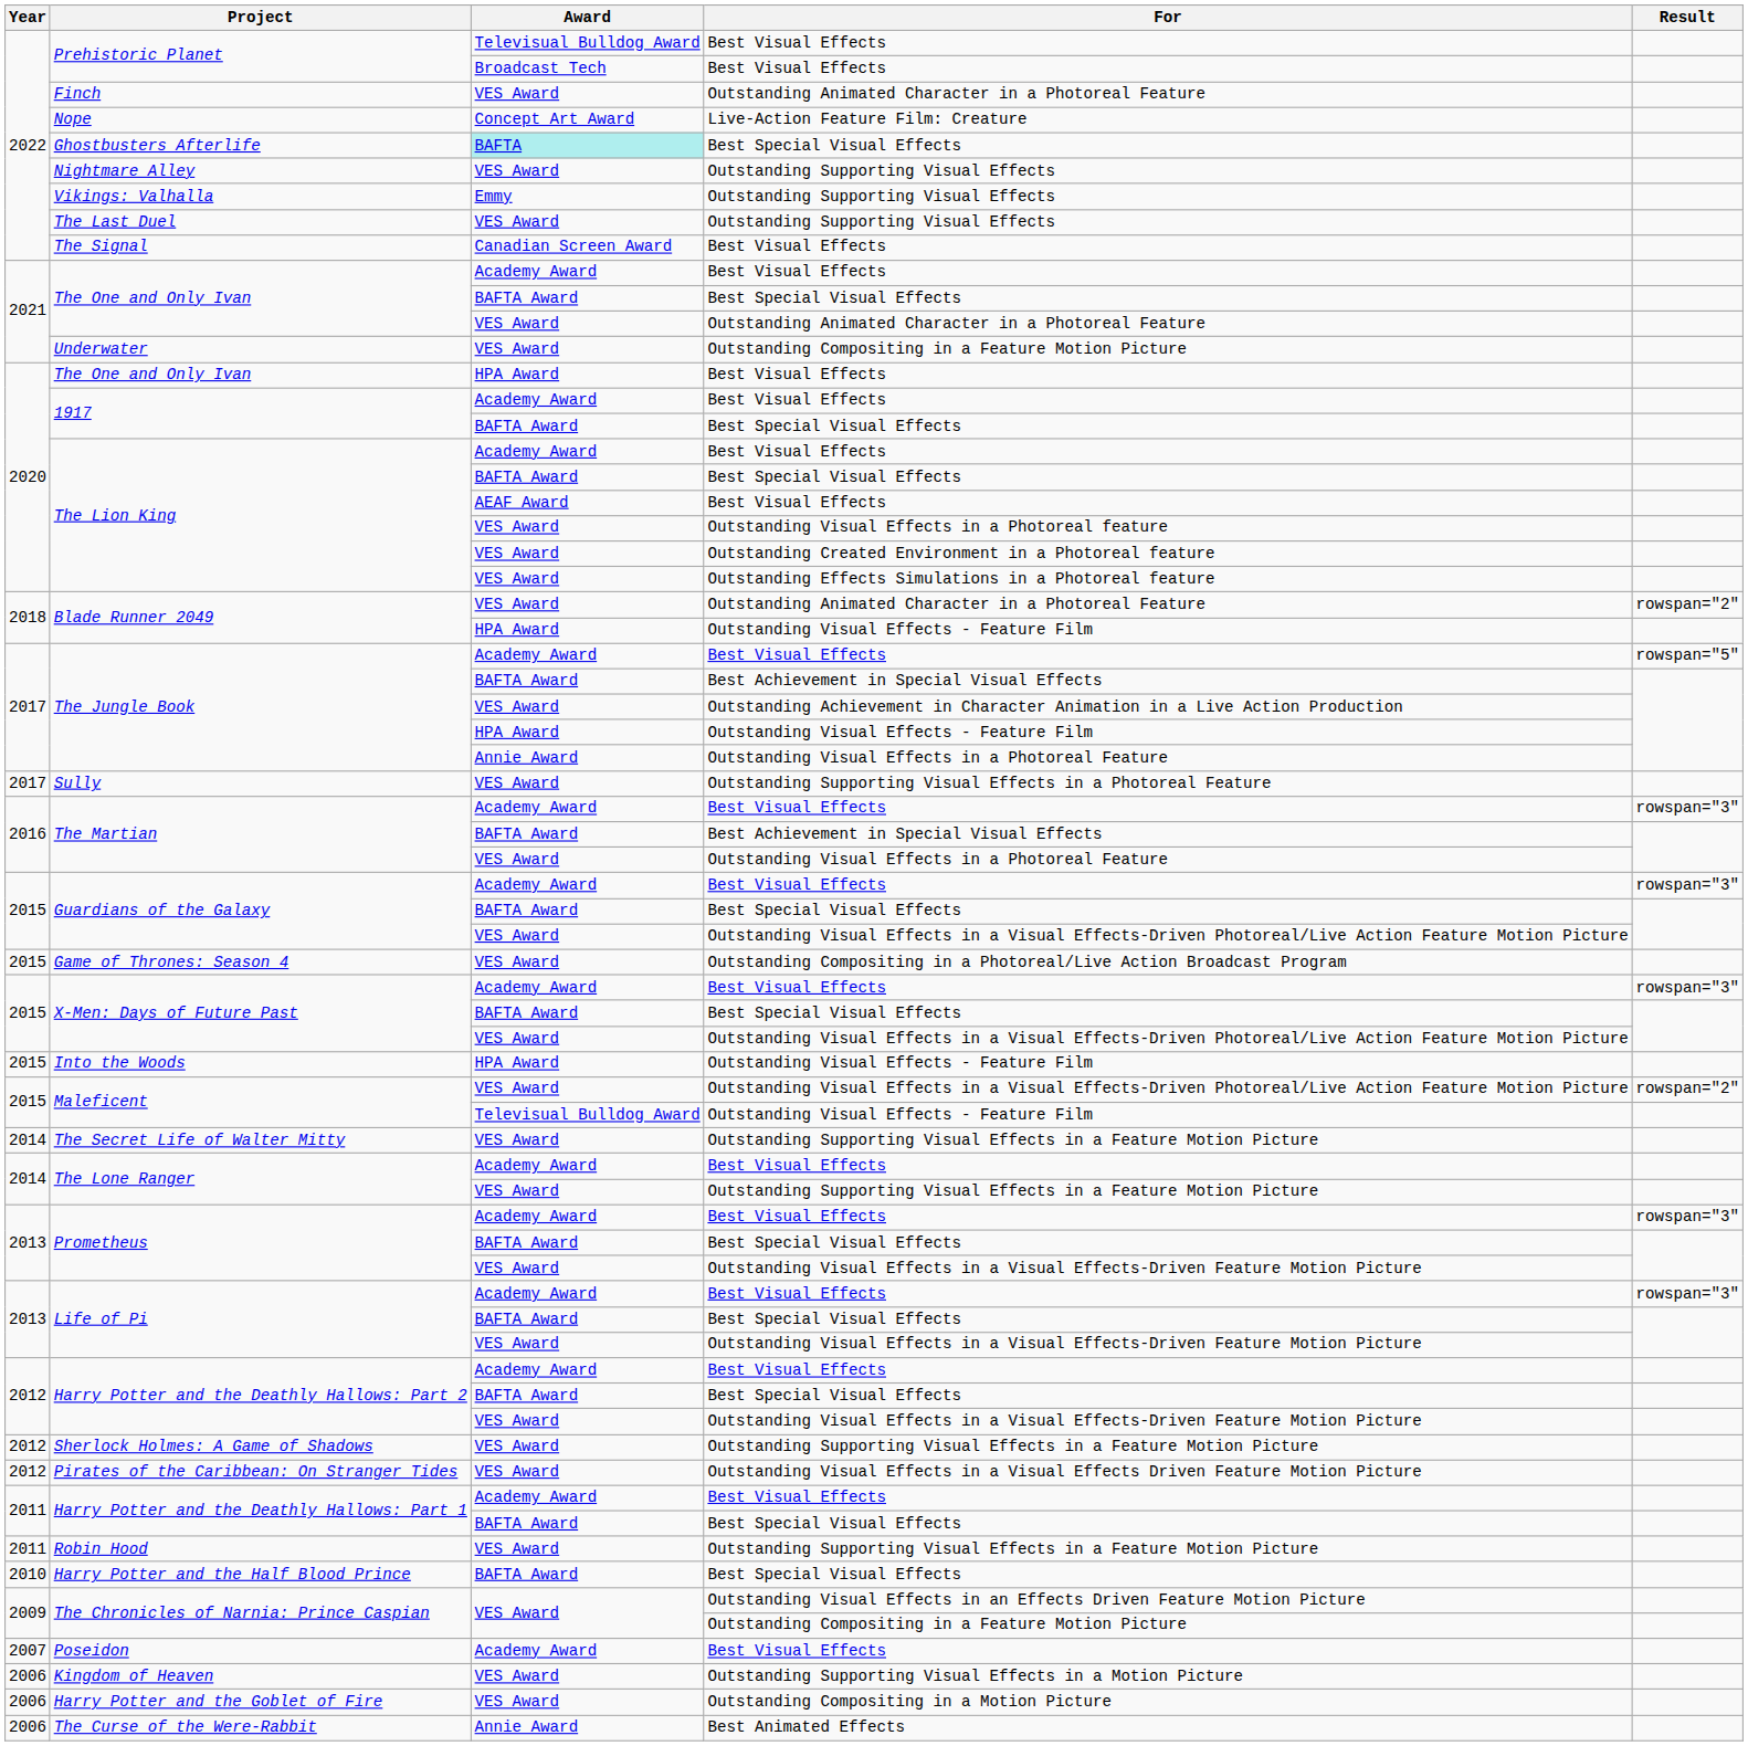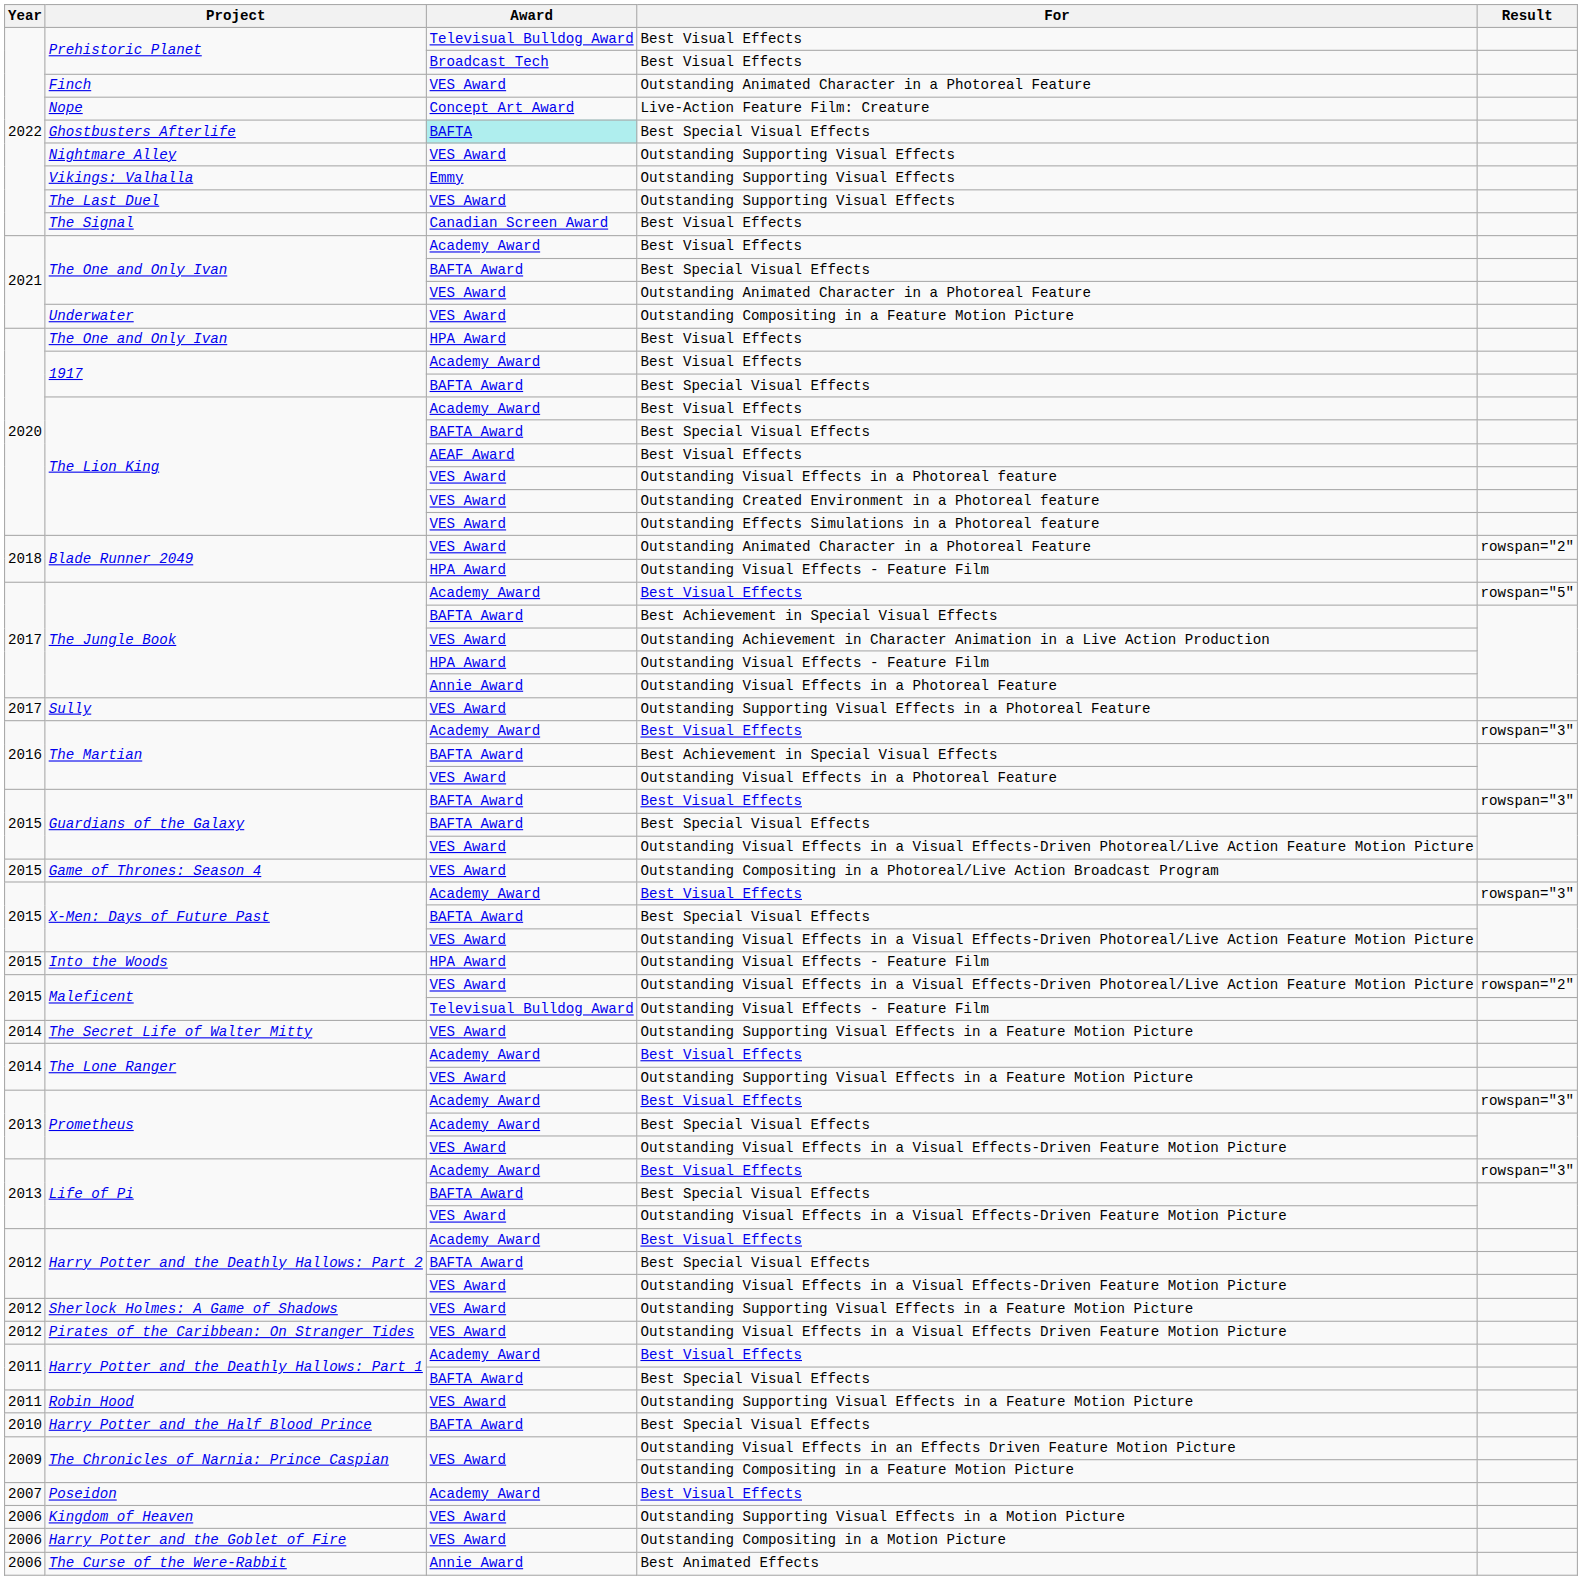 <table class="wikitable">
 <tr>
 <th>Year</th>
 <th>Project</th>
 <th>Award</th>
 <th>For</th>
 <th>Result</th>
 </tr>
 <tr>
 <td rowspan="9">2022</td>
 <td rowspan="2"><em><a href='#'>Prehistoric Planet</a></em></td>
 <td><a href='#'>Televisual Bulldog Award</a></td>
 <td>Best Visual Effects</td>
 <td></td>
 </tr>
 <tr>
 <td><a href='#'>Broadcast Tech</a></td>
 <td>Best Visual Effects</td>
 <td></td>
 </tr>
 <tr>
 <td rowspan="1"><em><a href='#'>Finch</a></em></td>
 <td><a href='#'>VES Award</a></td>
 <td>Outstanding Animated Character in a Photoreal Feature</td>
 <td></td>
 </tr>
 <tr>
 <td rowspan="1"><em><a href='#'>Nope</a></em></td>
 <td><a href='#'>Concept Art Award</a></td>
 <td>Live-Action Feature Film: Creature</td>
 <td></td>
 </tr>
 <tr>
 <td rowspan="1"><em><a href='#'>Ghostbusters Afterlife</a></em></td>
 <td style="background: paleturquoise;"><a href='#'>BAFTA</a></td>
 <td>Best Special Visual Effects</td>
 <td></td>
 </tr>
 <tr>
 <td rowspan="1"><em><a href='#'>Nightmare Alley</a></em></td>
 <td><a href='#'>VES Award</a></td>
 <td>Outstanding Supporting Visual Effects</td>
 <td></td>
 </tr>
 <tr>
 <td rowspan="1"><em><a href='#'>Vikings: Valhalla</a></em></td>
 <td><a href='#'>Emmy</a></td>
 <td>Outstanding Supporting Visual Effects</td>
 <td></td>
 </tr>
 <tr>
 <td rowspan="1"><em><a href='#'>The Last Duel</a></em></td>
 <td><a href='#'>VES Award</a></td>
 <td>Outstanding Supporting Visual Effects</td>
 <td></td>
 </tr>
 <tr>
 <td rowspan="1"><em><a href='#'>The Signal</a></em></td>
 <td><a href='#'>Canadian Screen Award</a></td>
 <td>Best Visual Effects</td>
 <td></td>
 </tr>
 <tr>
 <td rowspan="4">2021</td>
 <td rowspan="3"><em><a href='#'>The One and Only Ivan</a></em></td>
 <td><a href='#'>Academy Award</a></td>
 <td>Best Visual Effects</td>
 <td></td>
 </tr>
 <tr>
 <td><a href='#'>BAFTA Award</a></td>
 <td>Best Special Visual Effects</td>
 <td></td>
 </tr>
 <tr>
 <td><a href='#'>VES Award</a></td>
 <td>Outstanding Animated Character in a Photoreal Feature</td>
 <td></td>
 </tr>
 <tr>
 <td rowspan="1"><em><a href='#'>Underwater</a></em></td>
 <td><a href='#'>VES Award</a></td>
 <td>Outstanding Compositing in a Feature Motion Picture</td>
 <td></td>
 </tr>
 <tr>
 <td rowspan="9">2020</td>
 <td rowspan="1"><em><a href='#'>The One and Only Ivan</a></em></td>
 <td><a href='#'>HPA Award</a></td>
 <td>Best Visual Effects</td>
 <td></td>
 </tr>
 <tr>
 <td rowspan="2"><em><a href='#'>1917</a></em></td>
 <td><a href='#'>Academy Award</a></td>
 <td>Best Visual Effects</td>
 <td></td>
 </tr>
 <tr>
 <td><a href='#'>BAFTA Award</a></td>
 <td>Best Special Visual Effects</td>
 <td></td>
 </tr>
 <tr>
 <td rowspan="6"><em><a href='#'>The Lion King</a></em></td>
 <td><a href='#'>Academy Award</a></td>
 <td>Best Visual Effects</td>
 <td></td>
 </tr>
 <tr>
 <td><a href='#'>BAFTA Award</a></td>
 <td>Best Special Visual Effects</td>
 <td></td>
 </tr>
 <tr>
 <td><a href='#'>AEAF Award</a></td>
 <td>Best Visual Effects</td>
 <td></td>
 </tr>
 <tr>
 <td><a href='#'>VES Award</a></td>
 <td>Outstanding Visual Effects in a Photoreal feature</td>
 <td></td>
 </tr>
 <tr>
 <td><a href='#'>VES Award</a></td>
 <td>Outstanding Created Environment in a Photoreal feature</td>
 <td></td>
 </tr>
 <tr>
 <td><a href='#'>VES Award</a></td>
 <td>Outstanding Effects Simulations in a Photoreal feature</td>
 <td></td>
 </tr>
 <tr>
 <td rowspan="2">2018</td>
 <td rowspan="2"><em><a href='#'>Blade Runner 2049</a></em></td>
 <td><a href='#'>VES Award</a></td>
 <td>Outstanding Animated Character in a Photoreal Feature</td>
 <td>rowspan="2" </td>
 </tr>
 <tr>
 <td><a href='#'>HPA Award</a></td>
 <td>Outstanding Visual Effects - Feature Film</td>
 </tr>
 <tr>
 <td rowspan="5">2017</td>
 <td rowspan="5"><a href='#'><em>The Jungle Book</em></a></td>
 <td><a href='#'>Academy Award</a></td>
 <td><a href='#'>Best Visual Effects</a></td>
 <td>rowspan="5" </td>
 </tr>
 <tr>
 <td><a href='#'>BAFTA Award</a></td>
 <td>Best Achievement in Special Visual Effects</td>
 </tr>
 <tr>
 <td><a href='#'>VES Award</a></td>
 <td>Outstanding Achievement in Character Animation in a Live Action Production</td>
 </tr>
 <tr>
 <td><a href='#'>HPA Award</a></td>
 <td>Outstanding Visual Effects - Feature Film</td>
 </tr>
 <tr>
 <td><a href='#'>Annie Award</a></td>
 <td>Outstanding Visual Effects in a Photoreal Feature</td>
 </tr>
 <tr>
 <td>2017</td>
 <td><a href='#'><em>Sully</em></a></td>
 <td><a href='#'>VES Award</a></td>
 <td>Outstanding Supporting Visual Effects in a Photoreal Feature</td>
 <td></td>
 </tr>
 <tr>
 <td rowspan="3">2016</td>
 <td rowspan="3"><a href='#'><em>The Martian</em></a></td>
 <td><a href='#'>Academy Award</a></td>
 <td><a href='#'>Best Visual Effects</a></td>
 <td>rowspan="3" </td>
 </tr>
 <tr>
 <td><a href='#'>BAFTA Award</a></td>
 <td>Best Achievement in Special Visual Effects</td>
 </tr>
 <tr>
 <td><a href='#'>VES Award</a></td>
 <td>Outstanding Visual Effects in a Photoreal Feature</td>
 </tr>
 <tr>
 <td rowspan="3">2015</td>
 <td rowspan="3"><a href='#'><em>Guardians of the Galaxy</em></a></td>
-<td><a href='#'>Academy Award</a></td>
+<td><a href='#'>BAFTA Award</a></td>
 <td><a href='#'>Best Visual Effects</a></td>
 <td>rowspan="3" </td>
 </tr>
 <tr>
 <td><a href='#'>BAFTA Award</a></td>
 <td>Best Special Visual Effects</td>
 </tr>
 <tr>
 <td><a href='#'>VES Award</a></td>
 <td>Outstanding Visual Effects in a Visual Effects-Driven Photoreal/Live Action Feature Motion Picture</td>
 </tr>
 <tr>
 <td>2015</td>
 <td><a href='#'><em>Game of Thrones: Season 4</em></a></td>
 <td><a href='#'>VES Award</a></td>
 <td>Outstanding Compositing in a Photoreal/Live Action Broadcast Program</td>
 <td></td>
 </tr>
 <tr>
 <td rowspan="3">2015</td>
 <td rowspan="3"><em><a href='#'>X-Men: Days of Future Past</a></em></td>
 <td><a href='#'>Academy Award</a></td>
 <td><a href='#'>Best Visual Effects</a></td>
 <td>rowspan="3" </td>
 </tr>
 <tr>
 <td><a href='#'>BAFTA Award</a></td>
 <td>Best Special Visual Effects</td>
 </tr>
 <tr>
 <td><a href='#'>VES Award</a></td>
 <td>Outstanding Visual Effects in a Visual Effects-Driven Photoreal/Live Action Feature Motion Picture</td>
 </tr>
 <tr>
 <td>2015</td>
 <td><a href='#'><em>Into the Woods</em></a></td>
 <td><a href='#'>HPA Award</a></td>
 <td>Outstanding Visual Effects - Feature Film</td>
 <td></td>
 </tr>
 <tr>
 <td rowspan="2">2015</td>
 <td rowspan="2"><a href='#'><em>Maleficent</em></a></td>
 <td><a href='#'>VES Award</a></td>
 <td>Outstanding Visual Effects in a Visual Effects-Driven Photoreal/Live Action Feature Motion Picture</td>
 <td>rowspan="2" </td>
 </tr>
 <tr>
 <td><a href='#'>Televisual Bulldog Award</a></td>
 <td>Outstanding Visual Effects - Feature Film</td>
 </tr>
 <tr>
 <td>2014</td>
 <td><a href='#'><em>The Secret Life of Walter Mitty</em></a></td>
 <td><a href='#'>VES Award</a></td>
 <td>Outstanding Supporting Visual Effects in a Feature Motion Picture</td>
 <td></td>
 </tr>
 <tr>
 <td rowspan="2">2014</td>
 <td rowspan="2"><a href='#'><em>The Lone Ranger</em></a></td>
 <td><a href='#'>Academy Award</a></td>
 <td><a href='#'>Best Visual Effects</a></td>
 <td></td>
 </tr>
 <tr>
 <td><a href='#'>VES Award</a></td>
 <td>Outstanding Supporting Visual Effects in a Feature Motion Picture</td>
 <td></td>
 </tr>
 <tr>
 <td rowspan="3">2013</td>
 <td rowspan="3"><a href='#'><em>Prometheus</em></a></td>
 <td><a href='#'>Academy Award</a></td>
 <td><a href='#'>Best Visual Effects</a></td>
 <td>rowspan="3" </td>
 </tr>
 <tr>
-<td><a href='#'>BAFTA Award</a></td>
+<td><a href='#'>Academy Award</a></td>
 <td>Best Special Visual Effects</td>
 </tr>
 <tr>
 <td><a href='#'>VES Award</a></td>
 <td>Outstanding Visual Effects in a Visual Effects-Driven Feature Motion Picture</td>
 </tr>
 <tr>
 <td rowspan="3">2013</td>
 <td rowspan="3"><a href='#'><em>Life of Pi</em></a></td>
 <td><a href='#'>Academy Award</a></td>
 <td><a href='#'>Best Visual Effects</a></td>
 <td>rowspan="3" </td>
 </tr>
 <tr>
 <td><a href='#'>BAFTA Award</a></td>
 <td>Best Special Visual Effects</td>
 </tr>
 <tr>
 <td><a href='#'>VES Award</a></td>
 <td>Outstanding Visual Effects in a Visual Effects-Driven Feature Motion Picture</td>
 </tr>
 <tr>
 <td rowspan="3">2012</td>
 <td rowspan="3"><a href='#'><em>Harry Potter and the Deathly Hallows: Part 2</em></a></td>
 <td><a href='#'>Academy Award</a></td>
 <td><a href='#'>Best Visual Effects</a></td>
 <td></td>
 </tr>
 <tr>
 <td><a href='#'>BAFTA Award</a></td>
 <td>Best Special Visual Effects</td>
 <td></td>
 </tr>
 <tr>
 <td><a href='#'>VES Award</a></td>
 <td>Outstanding Visual Effects in a Visual Effects-Driven Feature Motion Picture</td>
 <td></td>
 </tr>
 <tr>
 <td>2012</td>
 <td><em><a href='#'>Sherlock Holmes: A Game of Shadows</a></em></td>
 <td><a href='#'>VES Award</a></td>
 <td>Outstanding Supporting Visual Effects in a Feature Motion Picture</td>
 <td></td>
 </tr>
 <tr>
 <td>2012</td>
 <td><em><a href='#'>Pirates of the Caribbean: On Stranger Tides</a></em></td>
 <td><a href='#'>VES Award</a></td>
 <td>Outstanding Visual Effects in a Visual Effects Driven Feature Motion Picture</td>
 <td></td>
 </tr>
 <tr>
 <td rowspan="2">2011</td>
 <td rowspan="2"><a href='#'><em>Harry Potter and the Deathly Hallows: Part 1</em></a></td>
 <td><a href='#'>Academy Award</a></td>
 <td><a href='#'>Best Visual Effects</a></td>
 <td></td>
 </tr>
 <tr>
 <td><a href='#'>BAFTA Award</a></td>
 <td>Best Special Visual Effects</td>
 <td></td>
 </tr>
 <tr>
 <td>2011</td>
 <td><a href='#'><em>Robin Hood</em></a></td>
 <td><a href='#'>VES Award</a></td>
 <td>Outstanding Supporting Visual Effects in a Feature Motion Picture</td>
 <td></td>
 </tr>
 <tr>
 <td>2010</td>
 <td><a href='#'><em>Harry Potter and the Half Blood Prince</em></a></td>
 <td><a href='#'>BAFTA Award</a></td>
 <td>Best Special Visual Effects</td>
 <td></td>
 </tr>
 <tr>
 <td rowspan="2">2009</td>
 <td rowspan="2"><em><a href='#'>The Chronicles of Narnia: Prince Caspian</a></em></td>
 <td rowspan="2"><a href='#'>VES Award</a></td>
 <td>Outstanding Visual Effects in an Effects Driven Feature Motion Picture</td>
 <td></td>
 </tr>
 <tr>
 <td>Outstanding Compositing in a Feature Motion Picture</td>
 <td></td>
 </tr>
 <tr>
 <td>2007</td>
 <td><a href='#'><em>Poseidon</em></a></td>
 <td><a href='#'>Academy Award</a></td>
 <td><a href='#'>Best Visual Effects</a></td>
 <td></td>
 </tr>
 <tr>
 <td>2006</td>
 <td><a href='#'><em>Kingdom of Heaven</em></a></td>
 <td><a href='#'>VES Award</a></td>
 <td>Outstanding Supporting Visual Effects in a Motion Picture</td>
 <td></td>
 </tr>
 <tr>
 <td>2006</td>
 <td><a href='#'><em>Harry Potter and the Goblet of Fire</em></a></td>
 <td><a href='#'>VES Award</a></td>
 <td>Outstanding Compositing in a Motion Picture</td>
 <td></td>
 </tr>
 <tr>
 <td>2006</td>
 <td><a href='#'><em>The Curse of the Were-Rabbit</em></a></td>
 <td><a href='#'>Annie Award</a></td>
 <td>Best Animated Effects</td>
 <td></td>
 </tr>
 </table>
